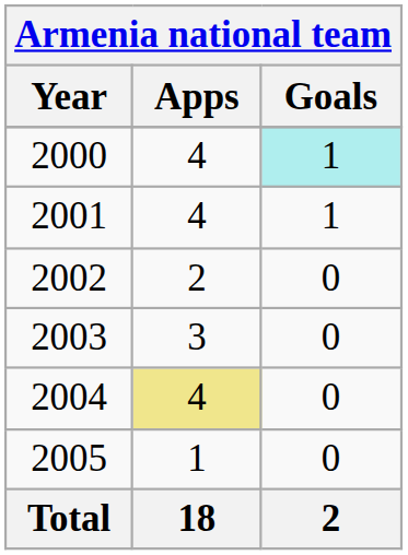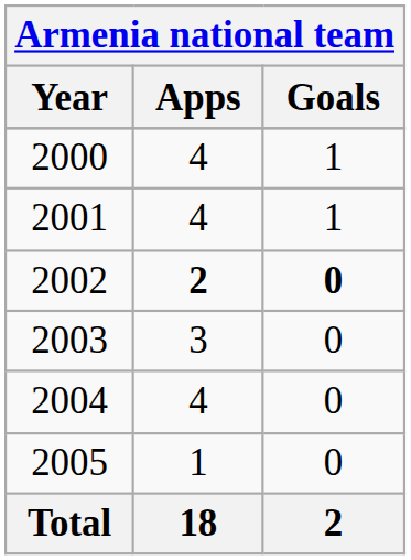 <table class="wikitable" style="text-align:center">
 <tr>
 <th colspan=3><a href='#'>Armenia national team</a></th>
 </tr>
 <tr>
 <th>Year</th>
 <th>Apps</th>
 <th>Goals</th>
 </tr>
 <tr>
 </tr>
 <tr>
 <td>2000</td>
 <td>4</td>
-<td style="background: paleturquoise;">1</td>
+<td>1</td>
 </tr>
 <tr>
 <td>2001</td>
 <td>4</td>
 <td>1</td>
 </tr>
 <tr>
 <td>2002</td>
-<td>2</td>
-<td>0</td>
+<td><strong>2</strong></td>
+<td><strong>0</strong></td>
 </tr>
 <tr>
 <td>2003</td>
 <td>3</td>
 <td>0</td>
 </tr>
 <tr>
 <td>2004</td>
-<td style="background: khaki;">4</td>
+<td>4</td>
 <td>0</td>
 </tr>
 <tr>
 <td>2005</td>
 <td>1</td>
 <td>0</td>
 </tr>
 <tr>
 <th>Total</th>
 <th>18</th>
 <th>2</th>
 </tr>
 </table>
